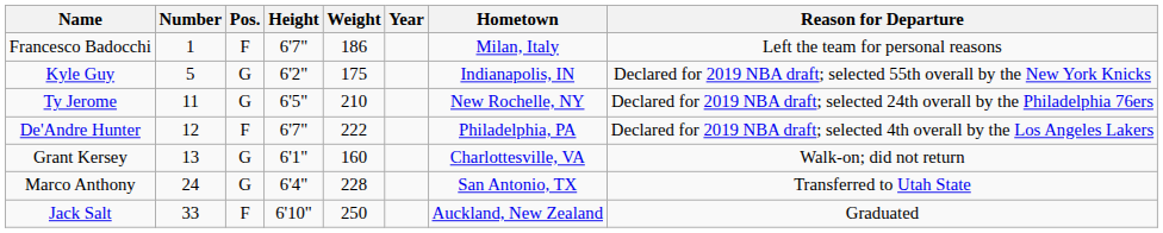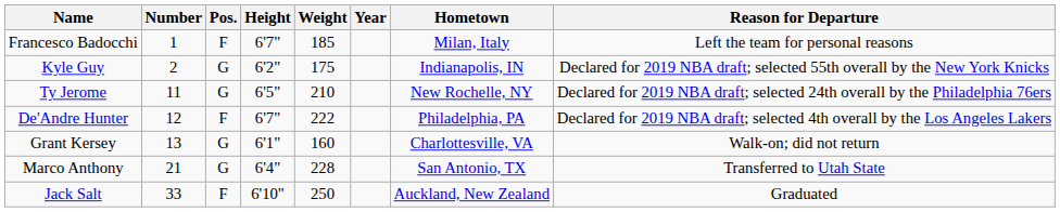 <table class="wikitable sortable sortable" style="text-align: center">
 <tr align=center>
 <th>Name</th>
 <th>Number</th>
 <th>Pos.</th>
 <th>Height</th>
 <th>Weight</th>
 <th>Year</th>
 <th>Hometown</th>
 <th>Reason for Departure</th>
 </tr>
 <tr>
 <td>Francesco Badocchi</td>
 <td>1</td>
 <td>F</td>
 <td>6'7"</td>
-<td>186</td>
+<td>185</td>
 <td></td>
 <td><a href='#'>Milan, Italy</a></td>
 <td>Left the team for personal reasons</td>
 </tr>
 <tr>
 <td><a href='#'>Kyle Guy</a></td>
-<td>5</td>
+<td>2</td>
 <td>G</td>
 <td>6'2"</td>
 <td>175</td>
 <td></td>
 <td><a href='#'>Indianapolis, IN</a></td>
 <td>Declared for <a href='#'>2019 NBA draft</a>; selected 55th overall by the <a href='#'>New York Knicks</a></td>
 </tr>
 <tr>
 <td><a href='#'>Ty Jerome</a></td>
 <td>11</td>
 <td>G</td>
 <td>6'5"</td>
 <td>210</td>
 <td></td>
 <td><a href='#'>New Rochelle, NY</a></td>
 <td>Declared for <a href='#'>2019 NBA draft</a>; selected 24th overall by the <a href='#'>Philadelphia 76ers</a></td>
 </tr>
 <tr>
 <td><a href='#'>De'Andre Hunter</a></td>
 <td>12</td>
 <td>F</td>
 <td>6'7"</td>
 <td>222</td>
 <td></td>
 <td><a href='#'>Philadelphia, PA</a></td>
 <td>Declared for <a href='#'>2019 NBA draft</a>; selected 4th overall by the <a href='#'>Los Angeles Lakers</a></td>
 </tr>
 <tr>
 <td>Grant Kersey</td>
 <td>13</td>
 <td>G</td>
 <td>6'1"</td>
 <td>160</td>
 <td></td>
 <td><a href='#'>Charlottesville, VA</a></td>
 <td>Walk-on; did not return</td>
 </tr>
 <tr>
 <td>Marco Anthony</td>
-<td>24</td>
+<td>21</td>
 <td>G</td>
 <td>6'4"</td>
 <td>228</td>
 <td></td>
 <td><a href='#'>San Antonio, TX</a></td>
 <td>Transferred to <a href='#'>Utah State</a></td>
 </tr>
 <tr>
 <td><a href='#'>Jack Salt</a></td>
 <td>33</td>
 <td>F</td>
 <td>6'10"</td>
 <td>250</td>
 <td></td>
 <td><a href='#'>Auckland, New Zealand</a></td>
 <td>Graduated</td>
 </tr>
 </table>
